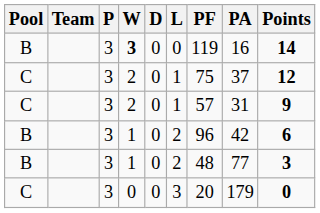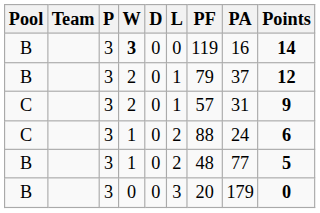 <table class="wikitable" style="text-align: center;">
 <tr>
 <th>Pool</th>
 <th>Team</th>
 <th>P</th>
 <th>W</th>
 <th>D</th>
 <th>L</th>
 <th>PF</th>
 <th>PA</th>
 <th>Points</th>
 </tr>
 <tr>
 <td>B</td>
 <td align="left"></td>
 <td>3</td>
 <td><strong>3</strong></td>
 <td>0</td>
 <td>0</td>
 <td>119</td>
 <td>16</td>
 <td><strong>14</strong></td>
 </tr>
 <tr>
-<td>C</td>
+<td>B</td>
 <td align="left"></td>
 <td>3</td>
 <td>2</td>
 <td>0</td>
 <td>1</td>
-<td>75</td>
+<td>79</td>
 <td>37</td>
 <td><strong>12</strong></td>
 </tr>
 <tr>
 <td>C</td>
 <td align="left"></td>
 <td>3</td>
 <td>2</td>
 <td>0</td>
 <td>1</td>
 <td>57</td>
 <td>31</td>
 <td><strong>9</strong></td>
 </tr>
 <tr>
-<td>B</td>
+<td>C</td>
 <td align="left"></td>
 <td>3</td>
 <td>1</td>
 <td>0</td>
 <td>2</td>
-<td>96</td>
-<td>42</td>
+<td>88</td>
+<td>24</td>
 <td><strong>6</strong></td>
 </tr>
 <tr>
 <td>B</td>
 <td align="left"></td>
 <td>3</td>
 <td>1</td>
 <td>0</td>
 <td>2</td>
 <td>48</td>
 <td>77</td>
-<td><strong>3</strong></td>
+<td><strong>5</strong></td>
 </tr>
 <tr>
-<td>C</td>
+<td>B</td>
 <td align="left"></td>
 <td>3</td>
 <td>0</td>
 <td>0</td>
 <td>3</td>
 <td>20</td>
 <td>179</td>
 <td><strong>0</strong></td>
 </tr>
 </table>
